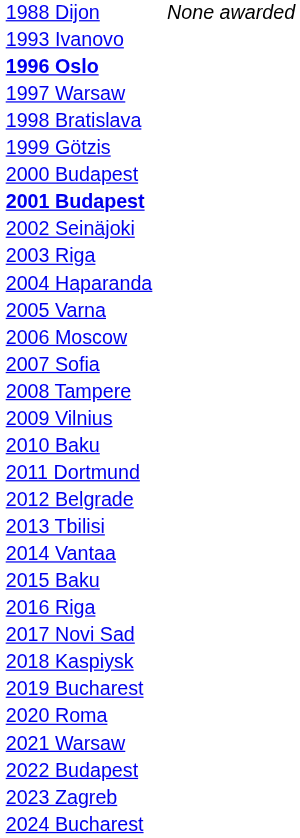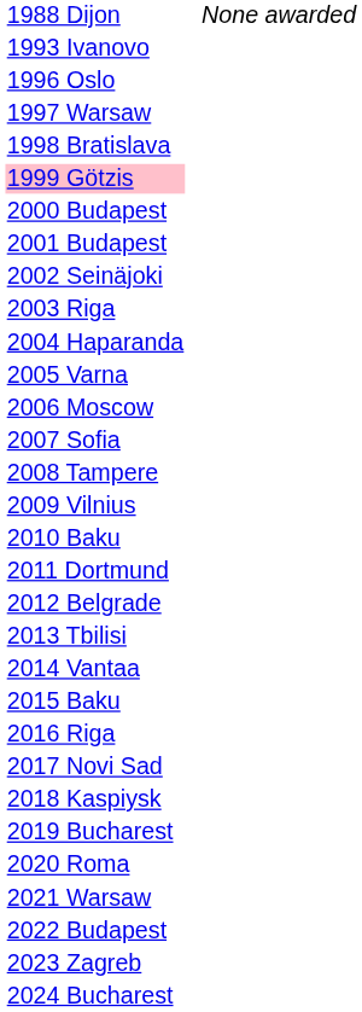 <table>
 <tr>
 <td><a href='#'>1988 Dijon</a></td>
 <td></td>
 <td></td>
 <td><em>None awarded</em></td>
 </tr>
 <tr>
 <td><a href='#'>1993 Ivanovo</a></td>
 <td></td>
 <td></td>
 <td></td>
 </tr>
 <tr>
-<td><strong><a href='#'>1996 Oslo</a></strong></td>
+<td><a href='#'>1996 Oslo</a></td>
 <td></td>
 <td></td>
 <td></td>
 </tr>
 <tr>
 <td><a href='#'>1997 Warsaw</a></td>
 <td></td>
 <td></td>
 <td></td>
 </tr>
 <tr>
 <td><a href='#'>1998 Bratislava</a></td>
 <td></td>
 <td></td>
 <td></td>
 </tr>
 <tr>
-<td><a href='#'>1999 Götzis</a></td>
+<td style="background: pink;"><a href='#'>1999 Götzis</a></td>
 <td></td>
 <td></td>
 <td></td>
 </tr>
 <tr>
 <td><a href='#'>2000 Budapest</a></td>
 <td></td>
 <td></td>
 <td></td>
 </tr>
 <tr>
-<td><strong><a href='#'>2001 Budapest</a></strong></td>
+<td><a href='#'>2001 Budapest</a></td>
 <td></td>
 <td></td>
 <td></td>
 </tr>
 <tr>
 <td><a href='#'>2002 Seinäjoki</a></td>
 <td></td>
 <td></td>
 <td></td>
 </tr>
 <tr>
 <td><a href='#'>2003 Riga</a></td>
 <td></td>
 <td></td>
 <td></td>
 </tr>
 <tr>
 <td><a href='#'>2004 Haparanda</a></td>
 <td></td>
 <td></td>
 <td></td>
 </tr>
 <tr>
 <td rowspan=2><a href='#'>2005 Varna</a></td>
 <td rowspan=2></td>
 <td rowspan=2></td>
 <td></td>
 </tr>
 <tr>
 <td></td>
 </tr>
 <tr>
 <td rowspan=2><a href='#'>2006 Moscow</a></td>
 <td rowspan=2></td>
 <td rowspan=2></td>
 <td></td>
 </tr>
 <tr>
 <td></td>
 </tr>
 <tr>
 <td rowspan=2><a href='#'>2007 Sofia</a></td>
 <td rowspan=2></td>
 <td rowspan=2></td>
 <td></td>
 </tr>
 <tr>
 <td></td>
 </tr>
 <tr>
 <td rowspan=2><a href='#'>2008 Tampere</a></td>
 <td rowspan=2></td>
 <td rowspan=2></td>
 <td></td>
 </tr>
 <tr>
 <td></td>
 </tr>
 <tr>
 <td rowspan=2><a href='#'>2009 Vilnius</a></td>
 <td rowspan=2></td>
 <td rowspan=2></td>
 <td></td>
 </tr>
 <tr>
 <td></td>
 </tr>
 <tr>
 <td rowspan=2><a href='#'>2010 Baku</a></td>
 <td rowspan=2></td>
 <td rowspan=2></td>
 <td></td>
 </tr>
 <tr>
 <td></td>
 </tr>
 <tr>
 <td rowspan=2><a href='#'>2011 Dortmund</a></td>
 <td rowspan=2></td>
 <td rowspan=2></td>
 <td></td>
 </tr>
 <tr>
 <td></td>
 </tr>
 <tr>
 <td rowspan=2><a href='#'>2012 Belgrade</a></td>
 <td rowspan=2></td>
 <td rowspan=2></td>
 <td></td>
 </tr>
 <tr>
 <td></td>
 </tr>
 <tr>
 <td rowspan=2><a href='#'>2013 Tbilisi</a></td>
 <td rowspan=2></td>
 <td rowspan=2></td>
 <td></td>
 </tr>
 <tr>
 <td></td>
 </tr>
 <tr>
 <td rowspan=2><a href='#'>2014 Vantaa</a></td>
 <td rowspan=2></td>
 <td rowspan=2></td>
 <td></td>
 </tr>
 <tr>
 <td></td>
 </tr>
 <tr>
 <td rowspan=2><a href='#'>2015 Baku</a></td>
 <td rowspan=2></td>
 <td rowspan=2></td>
 <td></td>
 </tr>
 <tr>
 <td></td>
 </tr>
 <tr>
 <td rowspan=2><a href='#'>2016 Riga</a></td>
 <td rowspan=2></td>
 <td rowspan=2></td>
 <td></td>
 </tr>
 <tr>
 <td></td>
 </tr>
 <tr>
 <td rowspan=2><a href='#'>2017 Novi Sad</a></td>
 <td rowspan=2></td>
 <td rowspan=2></td>
 <td></td>
 </tr>
 <tr>
 <td></td>
 </tr>
 <tr>
 <td rowspan=2><a href='#'>2018 Kaspiysk</a></td>
 <td rowspan=2></td>
 <td rowspan=2></td>
 <td></td>
 </tr>
 <tr>
 <td></td>
 </tr>
 <tr>
 <td rowspan=2><a href='#'>2019 Bucharest</a></td>
 <td rowspan=2></td>
 <td rowspan=2></td>
 <td></td>
 </tr>
 <tr>
 <td></td>
 </tr>
 <tr>
 <td rowspan=2><a href='#'>2020 Roma</a></td>
 <td rowspan=2></td>
 <td rowspan=2></td>
 <td></td>
 </tr>
 <tr>
 <td></td>
 </tr>
 <tr>
 <td rowspan=2><a href='#'>2021 Warsaw</a></td>
 <td rowspan=2></td>
 <td rowspan=2></td>
 <td></td>
 </tr>
 <tr>
 <td></td>
 </tr>
 <tr>
 <td rowspan=2><a href='#'>2022 Budapest</a></td>
 <td rowspan=2></td>
 <td rowspan=2></td>
 <td></td>
 </tr>
 <tr>
 <td></td>
 </tr>
 <tr>
 <td rowspan=2><a href='#'>2023 Zagreb</a></td>
 <td rowspan=2></td>
 <td rowspan=2></td>
 <td></td>
 </tr>
 <tr>
 <td></td>
 </tr>
 <tr>
 <td rowspan=2><a href='#'>2024 Bucharest</a></td>
 <td rowspan=2></td>
 <td rowspan=2></td>
 <td></td>
 </tr>
 <tr>
 <td></td>
 </tr>
 </table>
